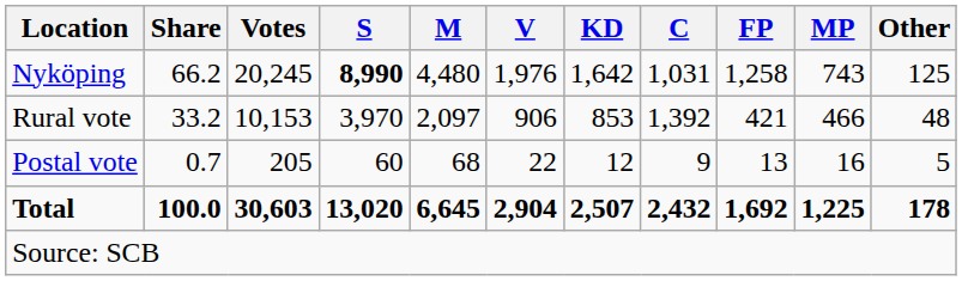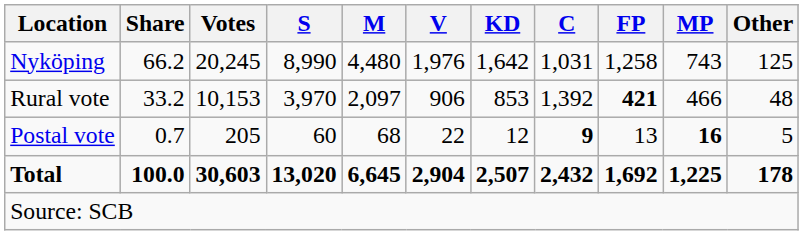 <table class="wikitable sortable" style=text-align:right>
 <tr>
 <th>Location</th>
 <th>Share</th>
 <th>Votes</th>
 <th><a href='#'>S</a></th>
 <th><a href='#'>M</a></th>
 <th><a href='#'>V</a></th>
 <th><a href='#'>KD</a></th>
 <th><a href='#'>C</a></th>
 <th><a href='#'>FP</a></th>
 <th><a href='#'>MP</a></th>
 <th>Other</th>
 </tr>
 <tr>
 <td align=left><a href='#'>Nyköping</a></td>
 <td>66.2</td>
 <td>20,245</td>
-<td><strong>8,990</strong></td>
+<td>8,990</td>
 <td>4,480</td>
 <td>1,976</td>
 <td>1,642</td>
 <td>1,031</td>
 <td>1,258</td>
 <td>743</td>
 <td>125</td>
 </tr>
 <tr>
 <td align=left>Rural vote</td>
 <td>33.2</td>
 <td>10,153</td>
 <td>3,970</td>
 <td>2,097</td>
 <td>906</td>
 <td>853</td>
 <td>1,392</td>
-<td>421</td>
+<td><strong>421</strong></td>
 <td>466</td>
 <td>48</td>
 </tr>
 <tr>
 <td align=left><a href='#'>Postal vote</a></td>
 <td>0.7</td>
 <td>205</td>
 <td>60</td>
 <td>68</td>
 <td>22</td>
 <td>12</td>
-<td>9</td>
+<td><strong>9</strong></td>
 <td>13</td>
-<td>16</td>
+<td><strong>16</strong></td>
 <td>5</td>
 </tr>
 <tr>
 <td align=left><strong>Total</strong></td>
 <td><strong>100.0</strong></td>
 <td><strong>30,603</strong></td>
 <td><strong>13,020</strong></td>
 <td><strong>6,645</strong></td>
 <td><strong>2,904</strong></td>
 <td><strong>2,507</strong></td>
 <td><strong>2,432</strong></td>
 <td><strong>1,692</strong></td>
 <td><strong>1,225</strong></td>
 <td><strong>178</strong></td>
 </tr>
 <tr>
 <td align=left colspan=11>Source: SCB </td>
 </tr>
 </table>
